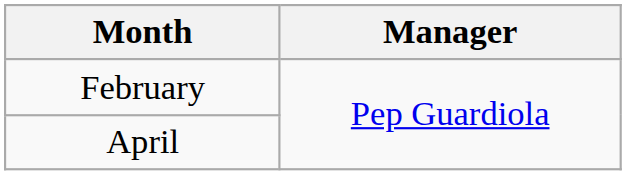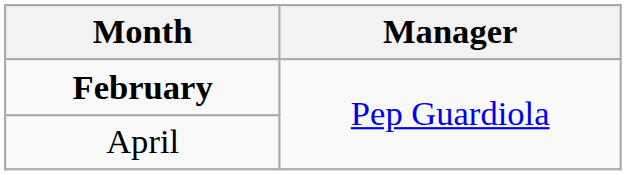 <table class="wikitable">
 <tr>
 <th style="width:120px;">Month</th>
 <th style="width:150px;">Manager</th>
 </tr>
 <tr>
-<td style="text-align:center;">February</td>
+<td style="text-align:center;"><strong>February</strong></td>
 <td style="text-align:center;" rowspan="2"> <a href='#'>Pep Guardiola</a></td>
 </tr>
 <tr>
 <td style="text-align:center;">April</td>
 </tr>
 </table>
